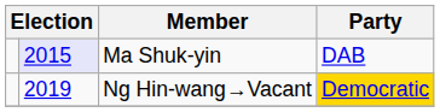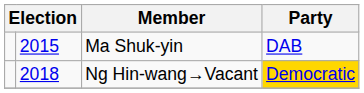 <table class="wikitable">
 <tr>
 <th colspan="2">Election</th>
 <th>Member</th>
 <th>Party</th>
 </tr>
 <tr>
 <td style="background-color:"></td>
-<td style="background: lavender;"><a href='#'>2015</a></td>
+<td><a href='#'>2015</a></td>
 <td>Ma Shuk-yin</td>
 <td><a href='#'>DAB</a></td>
 </tr>
 <tr>
 <td style="background-color:"></td>
-<td><a href='#'>2019</a></td>
+<td><a href='#'>2018</a></td>
 <td>Ng Hin-wang→Vacant</td>
 <td style="background: gold;"><a href='#'>Democratic</a></td>
 </tr>
 <tr>
 </tr>
 </table>
